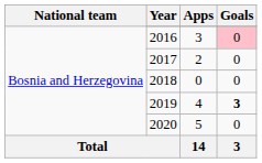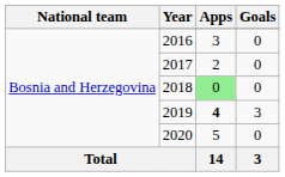 <table class="wikitable" style="text-align:center">
 <tr>
 <th>National team</th>
 <th>Year</th>
 <th>Apps</th>
 <th>Goals</th>
 </tr>
 <tr>
 <td rowspan=6><a href='#'>Bosnia and Herzegovina</a></td>
 </tr>
 <tr>
 <td>2016</td>
 <td>3</td>
-<td style="background: pink;">0</td>
+<td>0</td>
 </tr>
 <tr>
 <td>2017</td>
 <td>2</td>
 <td>0</td>
 </tr>
 <tr>
 <td>2018</td>
-<td>0</td>
+<td style="background: lightgreen;">0</td>
 <td>0</td>
 </tr>
 <tr>
 <td>2019</td>
-<td>4</td>
-<td><strong>3</strong></td>
+<td><strong>4</strong></td>
+<td>3</td>
 </tr>
 <tr>
 <td>2020</td>
 <td>5</td>
 <td>0</td>
 </tr>
 <tr>
 <th colspan=2>Total</th>
 <th>14</th>
 <th>3</th>
 </tr>
 </table>
